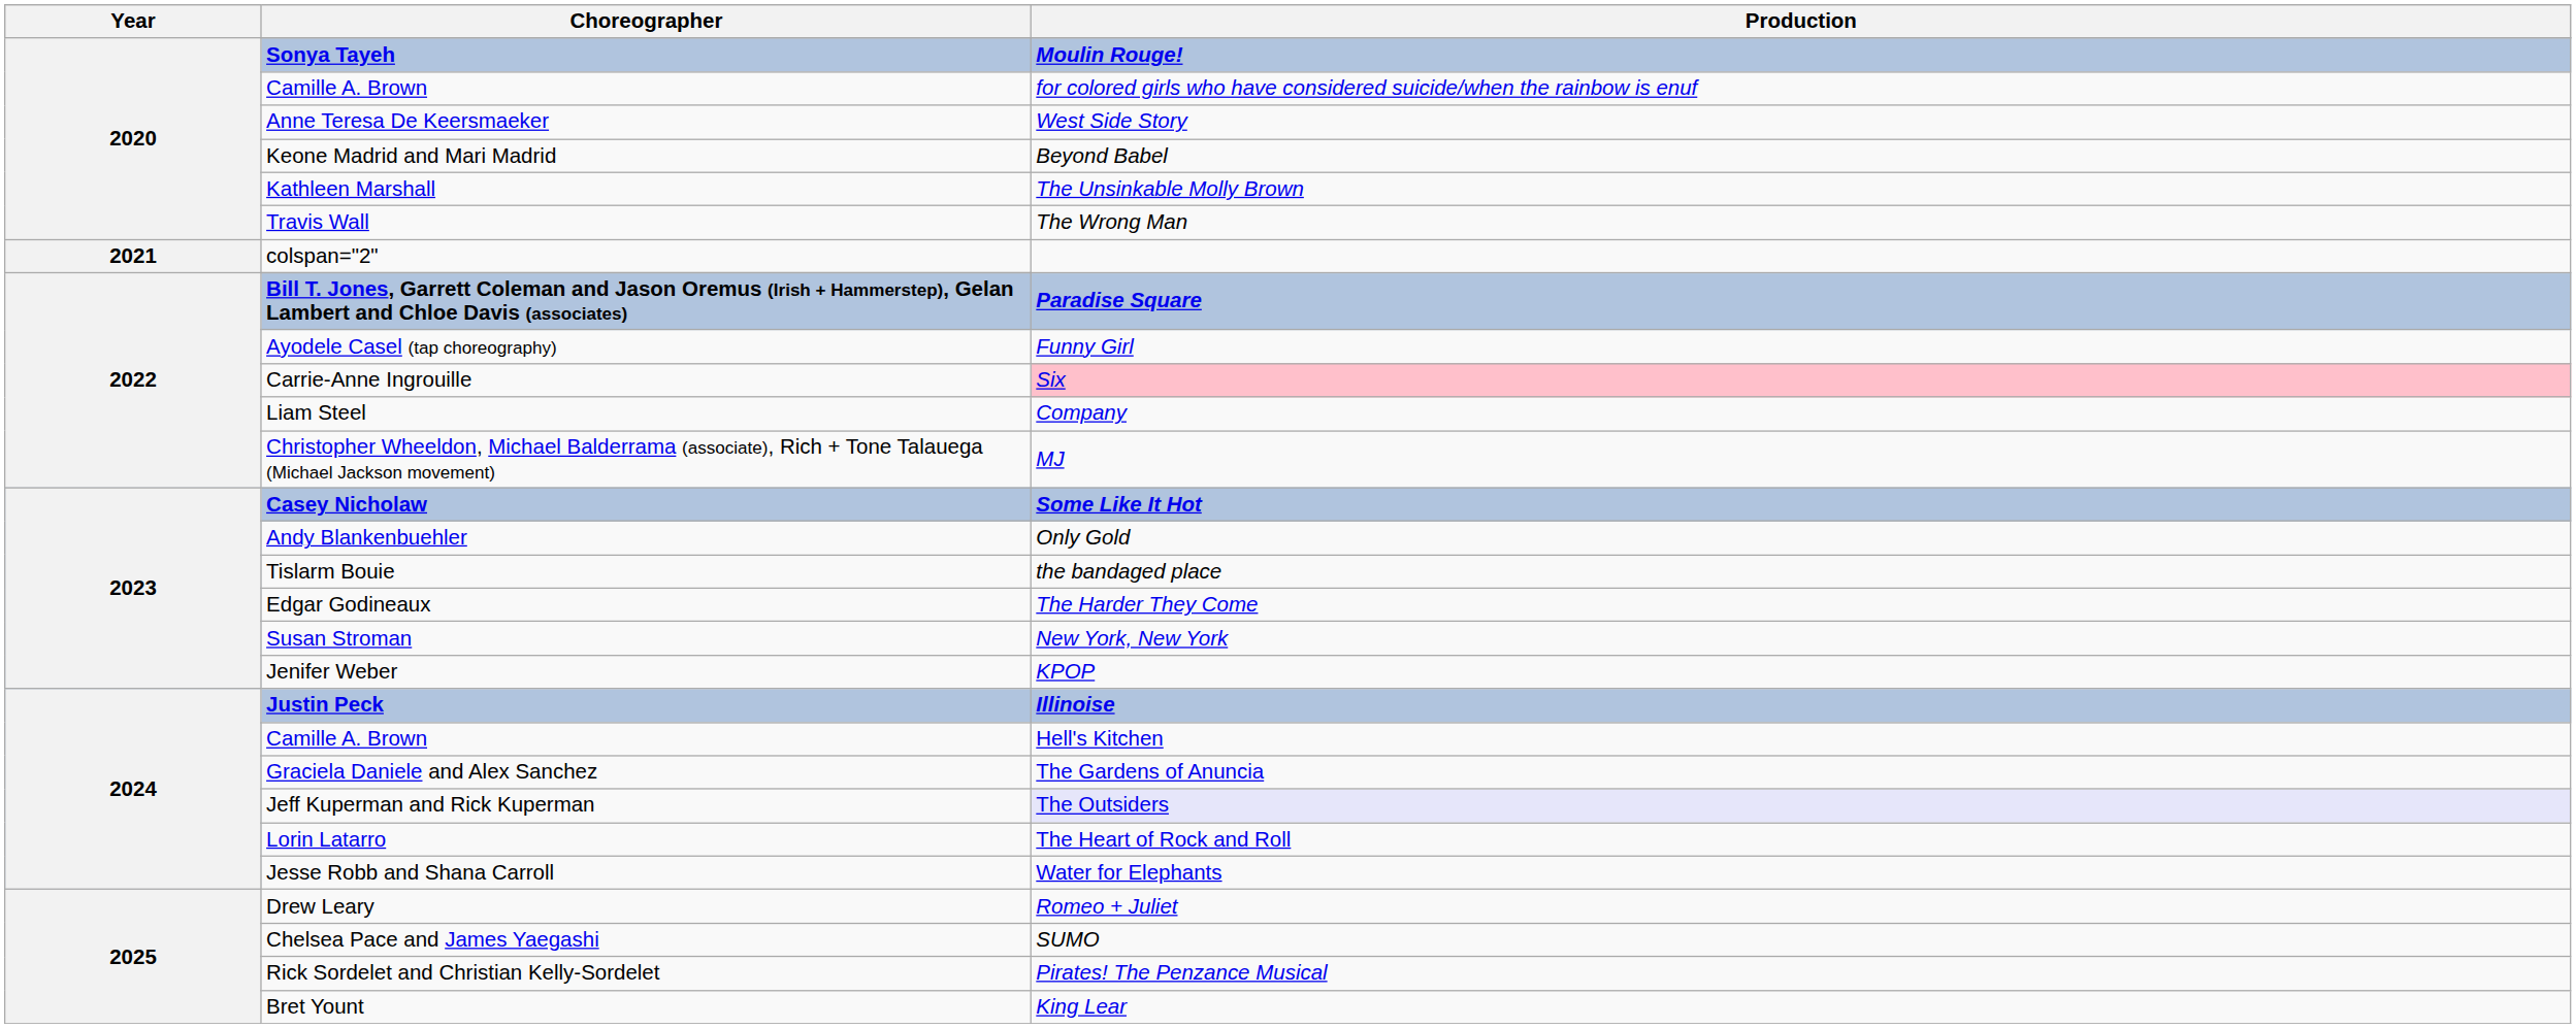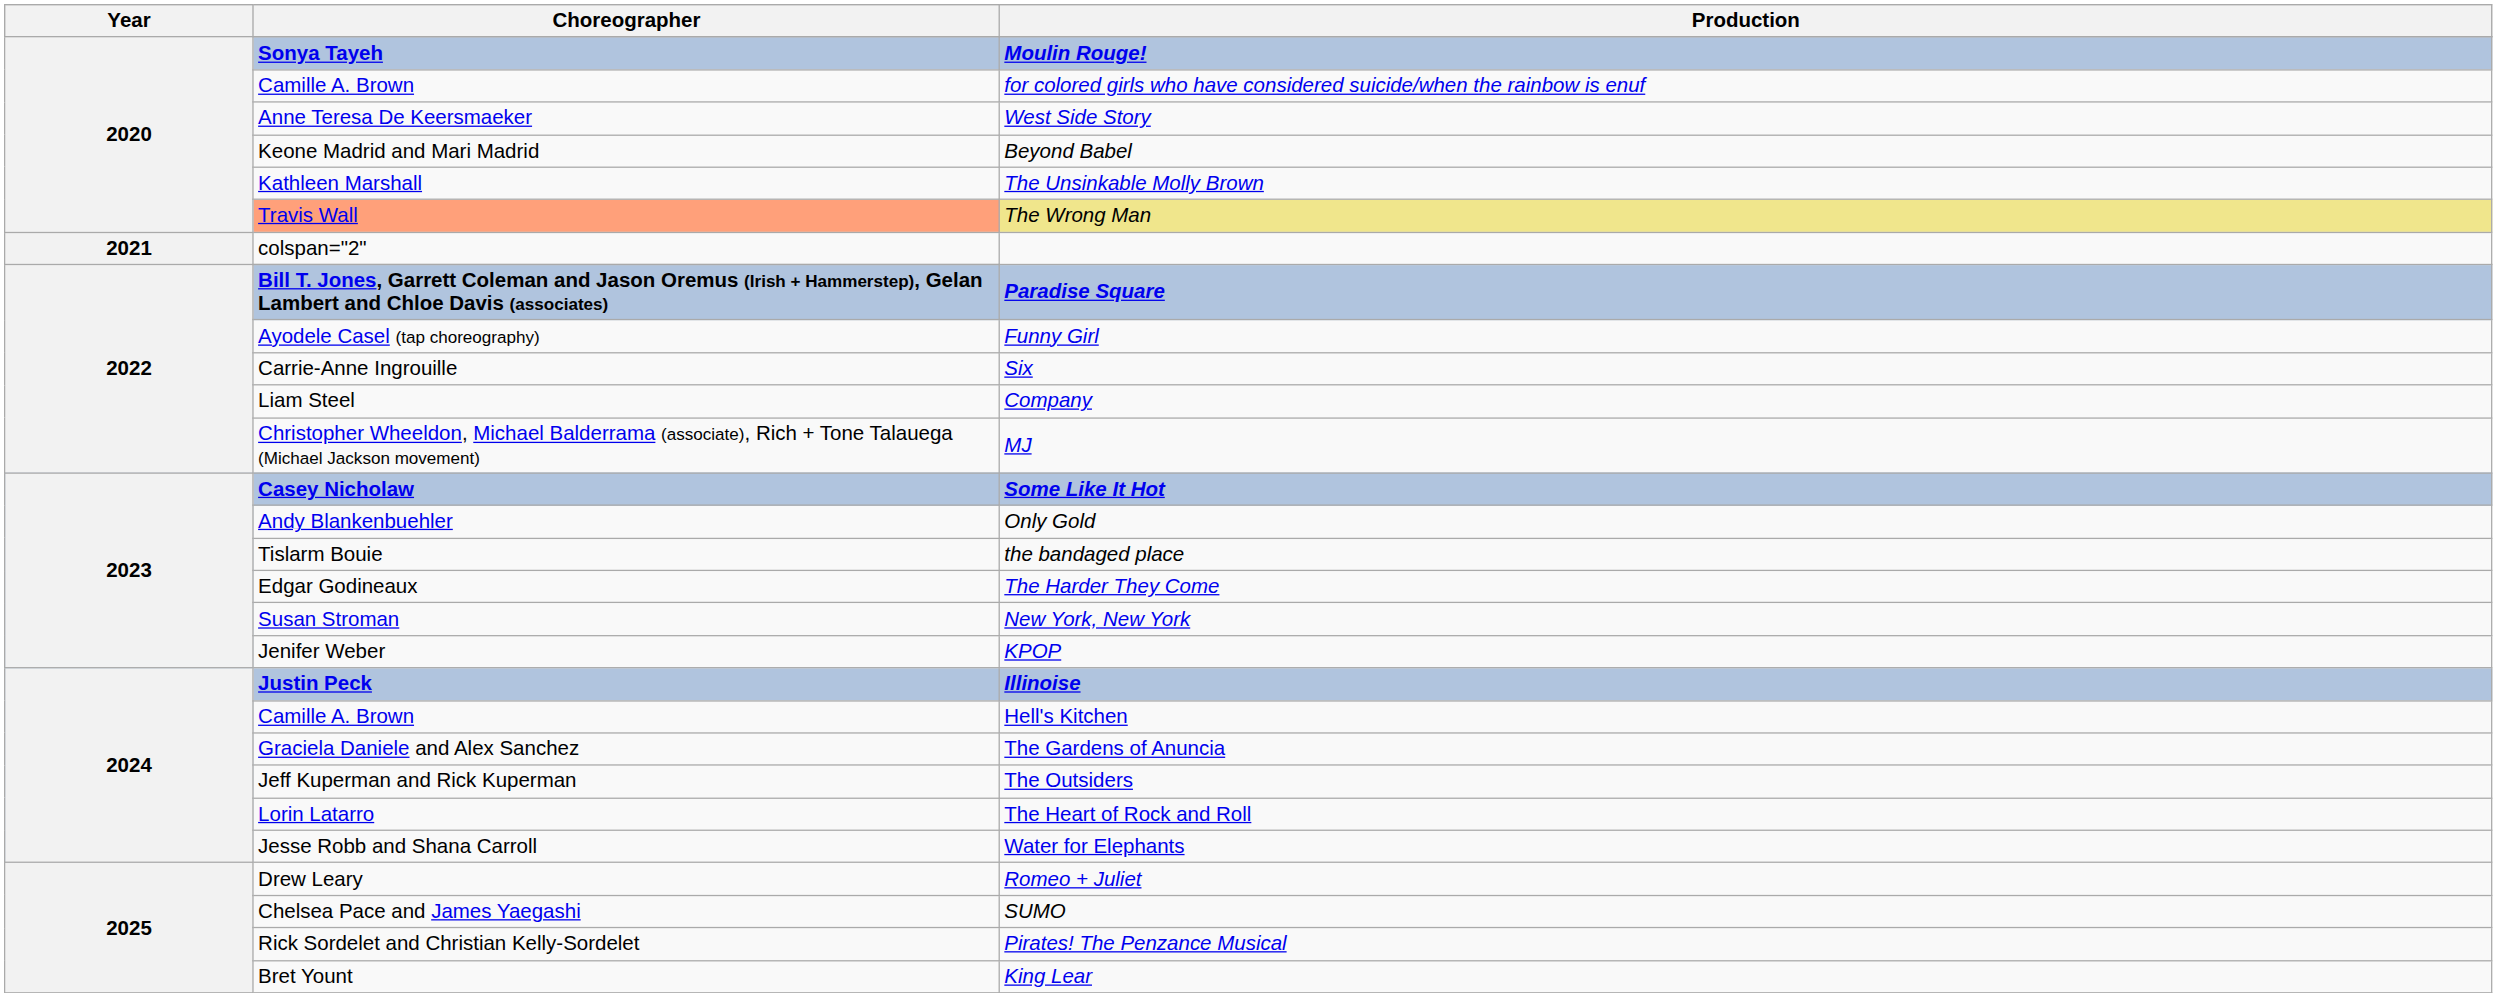 <table class="wikitable" style="width:98%;">
 <tr style="background:#bebebe;">
 <th style="width:10%;">Year</th>
 <th style="width:30%;">Choreographer</th>
 <th style="width:60%;">Production</th>
 </tr>
 <tr>
 <th rowspan="7">2020</th>
 </tr>
 <tr style="background:#B0C4DE">
 <td><strong><a href='#'>Sonya Tayeh</a></strong></td>
 <td><strong><em><a href='#'>Moulin Rouge!</a></em></strong></td>
 </tr>
 <tr>
 <td><a href='#'>Camille A. Brown</a></td>
 <td><em><a href='#'>for colored girls who have considered suicide/when the rainbow is enuf</a></em></td>
 </tr>
 <tr>
 <td><a href='#'>Anne Teresa De Keersmaeker</a></td>
 <td><em><a href='#'>West Side Story</a></em></td>
 </tr>
 <tr>
 <td>Keone Madrid and Mari Madrid</td>
 <td><em>Beyond Babel</em></td>
 </tr>
 <tr>
 <td><a href='#'>Kathleen Marshall</a></td>
 <td><em><a href='#'>The Unsinkable Molly Brown</a></em></td>
 </tr>
 <tr>
-<td><a href='#'>Travis Wall</a></td>
-<td><em>The Wrong Man</em></td>
+<td style="background: lightsalmon;"><a href='#'>Travis Wall</a></td>
+<td style="background: khaki;"><em>The Wrong Man</em></td>
 </tr>
 <tr>
 <th>2021</th>
 <td>colspan="2" </td>
 </tr>
 <tr>
 <th rowspan="6">2022</th>
 </tr>
 <tr style="background:#B0C4DE">
 <td><strong><a href='#'>Bill T. Jones</a>, Garrett Coleman and Jason Oremus <small>(Irish + Hammerstep)</small>, Gelan Lambert and Chloe Davis <small>(associates)</small></strong></td>
 <td><strong><em><a href='#'>Paradise Square</a></em></strong></td>
 </tr>
 <tr>
 <td><a href='#'>Ayodele Casel</a> <small>(tap choreography)</small></td>
 <td><em><a href='#'>Funny Girl</a></em></td>
 </tr>
 <tr>
 <td>Carrie-Anne Ingrouille</td>
-<td style="background: pink;"><em><a href='#'>Six</a></em></td>
+<td><em><a href='#'>Six</a></em></td>
 </tr>
 <tr>
 <td>Liam Steel</td>
 <td><em><a href='#'>Company</a></em></td>
 </tr>
 <tr>
 <td><a href='#'>Christopher Wheeldon</a>, <a href='#'>Michael Balderrama</a> <small>(associate)</small>, Rich + Tone Talauega <small>(Michael Jackson movement)</small></td>
 <td><em><a href='#'>MJ</a></em></td>
 </tr>
 <tr style="background:#B0C4DE">
 <th rowspan="6">2023</th>
 <td><strong><a href='#'>Casey Nicholaw</a></strong></td>
 <td><strong><em><a href='#'>Some Like It Hot</a></em></strong></td>
 </tr>
 <tr>
 <td><a href='#'>Andy Blankenbuehler</a></td>
 <td><em>Only Gold</em></td>
 </tr>
 <tr>
 <td>Tislarm Bouie</td>
 <td><em>the bandaged place</em></td>
 </tr>
 <tr>
 <td>Edgar Godineaux</td>
 <td><em><a href='#'>The Harder They Come</a></em></td>
 </tr>
 <tr>
 <td><a href='#'>Susan Stroman</a></td>
 <td><em><a href='#'>New York, New York</a></em></td>
 </tr>
 <tr>
 <td>Jenifer Weber</td>
 <td><em><a href='#'>KPOP</a></em></td>
 </tr>
 <tr style="background:#B0C4DE">
 <th rowspan="6">2024</th>
 <td><strong><a href='#'>Justin Peck</a></strong></td>
 <td><strong><em><a href='#'>Illinoise</a></em></strong></td>
 </tr>
 <tr>
 <td><a href='#'>Camille A. Brown</a></td>
 <td><a href='#'>Hell's Kitchen</a></td>
 </tr>
 <tr>
 <td><a href='#'>Graciela Daniele</a> and Alex Sanchez</td>
 <td><a href='#'>The Gardens of Anuncia</a></td>
 </tr>
 <tr>
 <td>Jeff Kuperman and Rick Kuperman</td>
-<td style="background: lavender;"><a href='#'>The Outsiders</a></td>
+<td><a href='#'>The Outsiders</a></td>
 </tr>
 <tr>
 <td><a href='#'>Lorin Latarro</a></td>
 <td><a href='#'> The Heart of Rock and Roll</a></td>
 </tr>
 <tr>
 <td>Jesse Robb and Shana Carroll</td>
 <td><a href='#'>Water for Elephants</a></td>
 </tr>
 <tr>
 <th rowspan=4>2025</th>
 <td>Drew Leary</td>
 <td><em><a href='#'>Romeo + Juliet</a></em></td>
 </tr>
 <tr>
 <td>Chelsea Pace and <a href='#'>James Yaegashi</a></td>
 <td><em>SUMO</em></td>
 </tr>
 <tr>
 <td>Rick Sordelet and Christian Kelly-Sordelet</td>
 <td><em><a href='#'>Pirates! The Penzance Musical</a></em></td>
 </tr>
 <tr>
 <td>Bret Yount</td>
 <td><em><a href='#'>King Lear</a></em></td>
 </tr>
 </table>
